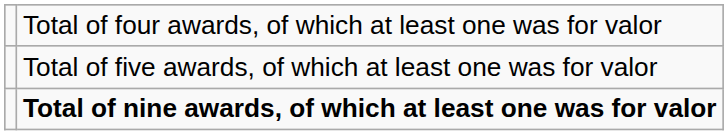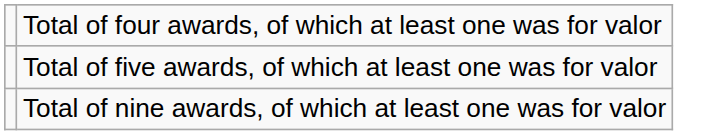 <table class="wikitable">
 <tr>
 <td><span></span><span></span><span></span><span></span></td>
 <td>Total of four awards, of which at least one was for valor</td>
 </tr>
 <tr>
 <td><span></span><span></span></td>
 <td>Total of five awards, of which at least one was for valor</td>
 </tr>
 <tr>
 <td><span></span><span></span></td>
-<td><strong>Total of nine awards, of which at least one was for valor</strong></td>
+<td>Total of nine awards, of which at least one was for valor</td>
 </tr>
 </table>
